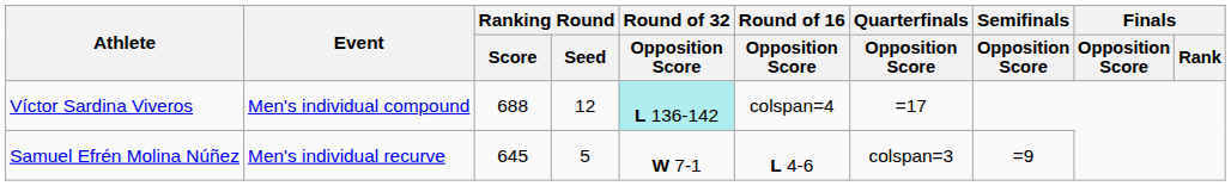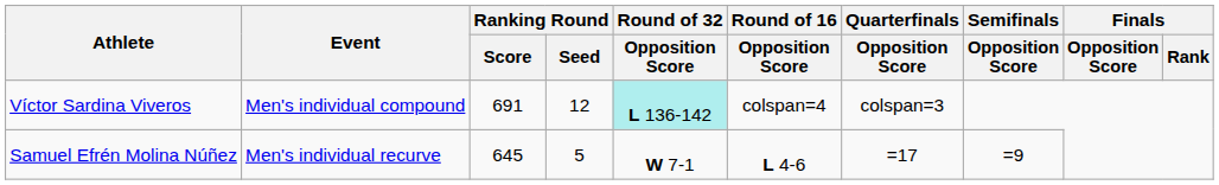 <table class="wikitable" style="text-align: center; font-size:90%">
 <tr>
 <th rowspan="2">Athlete</th>
 <th rowspan="2">Event</th>
 <th colspan="2">Ranking Round</th>
 <th>Round of 32</th>
 <th>Round of 16</th>
 <th>Quarterfinals</th>
 <th>Semifinals</th>
 <th colspan="2">Finals</th>
 </tr>
 <tr style="font-size:95%">
 <th>Score</th>
 <th>Seed</th>
 <th>Opposition<br>Score</th>
 <th>Opposition<br>Score</th>
 <th>Opposition<br>Score</th>
 <th>Opposition<br>Score</th>
 <th>Opposition<br>Score</th>
 <th>Rank</th>
 </tr>
 <tr>
 <td align=left><a href='#'>Víctor Sardina Viveros</a></td>
 <td align=left><a href='#'>Men's individual compound</a></td>
-<td>688 </td>
+<td>691 </td>
 <td>12</td>
 <td style="background: paleturquoise;"><br><strong>L</strong> 136-142</td>
 <td>colspan=4</td>
-<td>=17</td>
+<td>colspan=3</td>
 </tr>
 <tr>
 <td align=left><a href='#'>Samuel Efrén Molina Núñez</a></td>
 <td align=left><a href='#'>Men's individual recurve</a></td>
 <td>645</td>
 <td>5</td>
 <td><br><strong>W</strong> 7-1</td>
 <td><br><strong>L</strong> 4-6</td>
-<td>colspan=3</td>
+<td>=17</td>
 <td>=9</td>
 </tr>
 </table>
